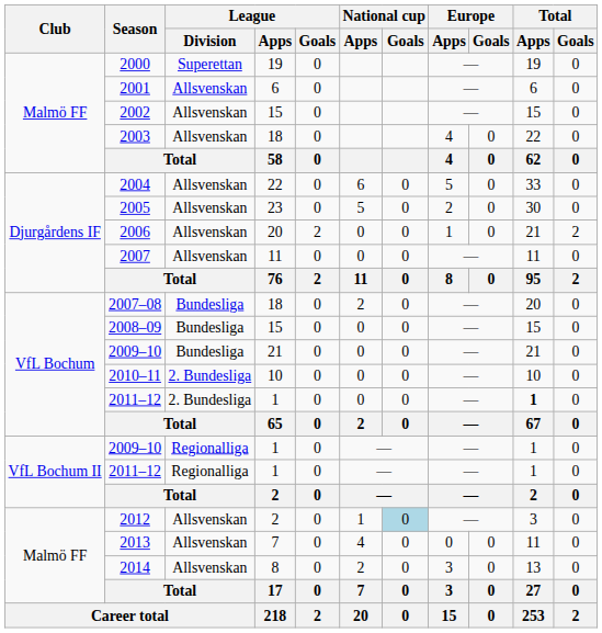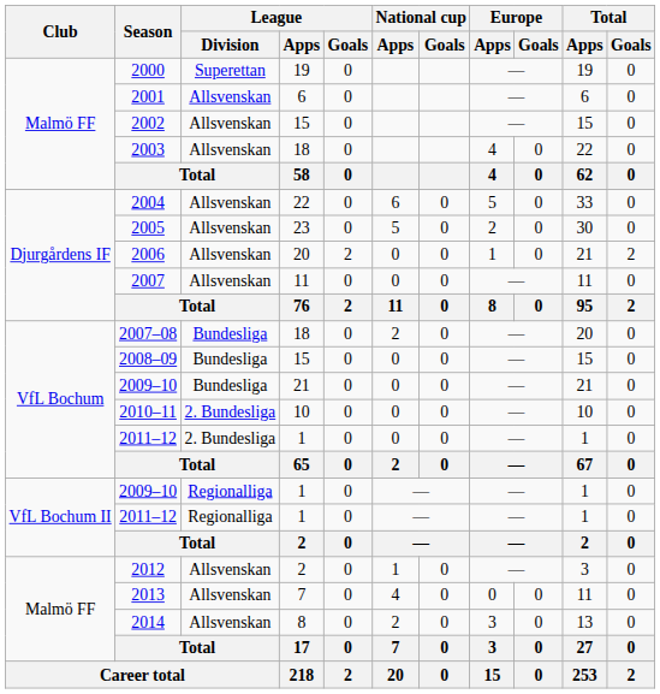 <table class="wikitable" style="text-align:center">
 <tr>
 <th rowspan="2">Club</th>
 <th rowspan="2">Season</th>
 <th colspan="3">League</th>
 <th colspan="2">National cup</th>
 <th colspan="2">Europe</th>
 <th colspan="2">Total</th>
 </tr>
 <tr>
 <th>Division</th>
 <th>Apps</th>
 <th>Goals</th>
 <th>Apps</th>
 <th>Goals</th>
 <th>Apps</th>
 <th>Goals</th>
 <th>Apps</th>
 <th>Goals</th>
 </tr>
 <tr>
 <td rowspan="5"><a href='#'>Malmö FF</a></td>
 <td><a href='#'>2000</a></td>
 <td><a href='#'>Superettan</a></td>
 <td>19</td>
 <td>0</td>
 <td></td>
 <td></td>
 <td colspan="2">—</td>
 <td>19</td>
 <td>0</td>
 </tr>
 <tr>
 <td><a href='#'>2001</a></td>
 <td><a href='#'>Allsvenskan</a></td>
 <td>6</td>
 <td>0</td>
 <td></td>
 <td></td>
 <td colspan="2">—</td>
 <td>6</td>
 <td>0</td>
 </tr>
 <tr>
 <td><a href='#'>2002</a></td>
 <td>Allsvenskan</td>
 <td>15</td>
 <td>0</td>
 <td></td>
 <td></td>
 <td colspan="2">—</td>
 <td>15</td>
 <td>0</td>
 </tr>
 <tr>
 <td><a href='#'>2003</a></td>
 <td>Allsvenskan</td>
 <td>18</td>
 <td>0</td>
 <td></td>
 <td></td>
 <td>4</td>
 <td>0</td>
 <td>22</td>
 <td>0</td>
 </tr>
 <tr>
 <th colspan="2">Total</th>
 <th>58</th>
 <th>0</th>
 <th></th>
 <th></th>
 <th>4</th>
 <th>0</th>
 <th>62</th>
 <th>0</th>
 </tr>
 <tr>
 <td rowspan="5"><a href='#'>Djurgårdens IF</a></td>
 <td><a href='#'>2004</a></td>
 <td>Allsvenskan</td>
 <td>22</td>
 <td>0</td>
 <td>6</td>
 <td>0</td>
 <td>5</td>
 <td>0</td>
 <td>33</td>
 <td>0</td>
 </tr>
 <tr>
 <td><a href='#'>2005</a></td>
 <td>Allsvenskan</td>
 <td>23</td>
 <td>0</td>
 <td>5</td>
 <td>0</td>
 <td>2</td>
 <td>0</td>
 <td>30</td>
 <td>0</td>
 </tr>
 <tr>
 <td><a href='#'>2006</a></td>
 <td>Allsvenskan</td>
 <td>20</td>
 <td>2</td>
 <td>0</td>
 <td>0</td>
 <td>1</td>
 <td>0</td>
 <td>21</td>
 <td>2</td>
 </tr>
 <tr>
 <td><a href='#'>2007</a></td>
 <td>Allsvenskan</td>
 <td>11</td>
 <td>0</td>
 <td>0</td>
 <td>0</td>
 <td colspan="2">—</td>
 <td>11</td>
 <td>0</td>
 </tr>
 <tr>
 <th colspan="2">Total</th>
 <th>76</th>
 <th>2</th>
 <th>11</th>
 <th>0</th>
 <th>8</th>
 <th>0</th>
 <th>95</th>
 <th>2</th>
 </tr>
 <tr>
 <td rowspan="6"><a href='#'>VfL Bochum</a></td>
 <td><a href='#'>2007–08</a></td>
 <td><a href='#'>Bundesliga</a></td>
 <td>18</td>
 <td>0</td>
 <td>2</td>
 <td>0</td>
 <td colspan="2">—</td>
 <td>20</td>
 <td>0</td>
 </tr>
 <tr>
 <td><a href='#'>2008–09</a></td>
 <td>Bundesliga</td>
 <td>15</td>
 <td>0</td>
 <td>0</td>
 <td>0</td>
 <td colspan="2">—</td>
 <td>15</td>
 <td>0</td>
 </tr>
 <tr>
 <td><a href='#'>2009–10</a></td>
 <td>Bundesliga</td>
 <td>21</td>
 <td>0</td>
 <td>0</td>
 <td>0</td>
 <td colspan="2">—</td>
 <td>21</td>
 <td>0</td>
 </tr>
 <tr>
 <td><a href='#'>2010–11</a></td>
 <td><a href='#'>2. Bundesliga</a></td>
 <td>10</td>
 <td>0</td>
 <td>0</td>
 <td>0</td>
 <td colspan="2">—</td>
 <td>10</td>
 <td>0</td>
 </tr>
 <tr>
 <td><a href='#'>2011–12</a></td>
 <td>2. Bundesliga</td>
 <td>1</td>
 <td>0</td>
 <td>0</td>
 <td>0</td>
 <td colspan="2">—</td>
-<td><strong>1</strong></td>
+<td>1</td>
 <td>0</td>
 </tr>
 <tr>
 <th colspan="2">Total</th>
 <th>65</th>
 <th>0</th>
 <th>2</th>
 <th>0</th>
 <th colspan="2">—</th>
 <th>67</th>
 <th>0</th>
 </tr>
 <tr>
 <td rowspan="3"><a href='#'>VfL Bochum II</a></td>
 <td><a href='#'>2009–10</a></td>
 <td><a href='#'>Regionalliga</a></td>
 <td>1</td>
 <td>0</td>
 <td colspan="2">—</td>
 <td colspan="2">—</td>
 <td>1</td>
 <td>0</td>
 </tr>
 <tr>
 <td><a href='#'>2011–12</a></td>
 <td>Regionalliga</td>
 <td>1</td>
 <td>0</td>
 <td colspan="2">—</td>
 <td colspan="2">—</td>
 <td>1</td>
 <td>0</td>
 </tr>
 <tr>
 <th colspan="2">Total</th>
 <th>2</th>
 <th>0</th>
 <th colspan="2">—</th>
 <th colspan="2">—</th>
 <th>2</th>
 <th>0</th>
 </tr>
 <tr>
 <td rowspan="4">Malmö FF</td>
 <td><a href='#'>2012</a></td>
 <td>Allsvenskan</td>
 <td>2</td>
 <td>0</td>
 <td>1</td>
-<td style="background: lightblue;">0</td>
+<td>0</td>
 <td colspan="2">—</td>
 <td>3</td>
 <td>0</td>
 </tr>
 <tr>
 <td><a href='#'>2013</a></td>
 <td>Allsvenskan</td>
 <td>7</td>
 <td>0</td>
 <td>4</td>
 <td>0</td>
 <td>0</td>
 <td>0</td>
 <td>11</td>
 <td>0</td>
 </tr>
 <tr>
 <td><a href='#'>2014</a></td>
 <td>Allsvenskan</td>
 <td>8</td>
 <td>0</td>
 <td>2</td>
 <td>0</td>
 <td>3</td>
 <td>0</td>
 <td>13</td>
 <td>0</td>
 </tr>
 <tr>
 <th colspan="2">Total</th>
 <th>17</th>
 <th>0</th>
 <th>7</th>
 <th>0</th>
 <th>3</th>
 <th>0</th>
 <th>27</th>
 <th>0</th>
 </tr>
 <tr>
 <th colspan="3">Career total</th>
 <th>218</th>
 <th>2</th>
 <th>20</th>
 <th>0</th>
 <th>15</th>
 <th>0</th>
 <th>253</th>
 <th>2</th>
 </tr>
 </table>
